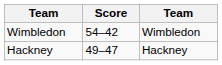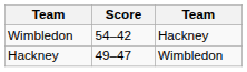 <table class="wikitable" style="font-size: 100%">
 <tr>
 <th width=100>Team</th>
 <th width=70>Score</th>
 <th width=100>Team</th>
 </tr>
 <tr>
 <td>Wimbledon</td>
 <td>54–42</td>
-<td>Wimbledon</td>
+<td>Hackney</td>
 </tr>
 <tr>
 <td>Hackney</td>
 <td>49–47</td>
-<td>Hackney</td>
+<td>Wimbledon</td>
 </tr>
 </table>
